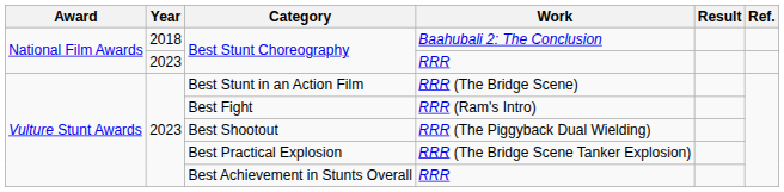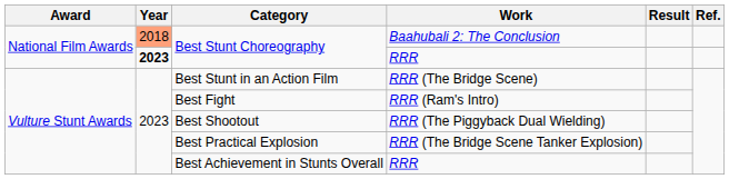 <table class="wikitable">
 <tr>
 <th>Award</th>
 <th>Year</th>
 <th>Category</th>
 <th>Work</th>
 <th>Result</th>
 <th>Ref.</th>
 </tr>
 <tr>
 <td rowspan="2"><a href='#'>National Film Awards</a></td>
-<td>2018</td>
+<td style="background: lightsalmon;">2018</td>
 <td rowspan="2"><a href='#'>Best Stunt Choreography</a></td>
 <td><em><a href='#'>Baahubali 2: The Conclusion</a></em></td>
 <td></td>
 <td></td>
 </tr>
 <tr>
-<td>2023</td>
+<td><strong>2023</strong></td>
 <td><em><a href='#'>RRR</a></em></td>
 <td></td>
 <td></td>
 </tr>
 <tr>
 <td rowspan="5"><a href='#'><em>Vulture</em> Stunt Awards</a></td>
 <td rowspan="5">2023</td>
 <td>Best Stunt in an Action Film</td>
 <td><em><a href='#'>RRR</a></em> (The Bridge Scene)</td>
 <td></td>
 <td rowspan="5"></td>
 </tr>
 <tr>
 <td>Best Fight</td>
 <td><em><a href='#'>RRR</a></em> (Ram's Intro)</td>
 <td></td>
 </tr>
 <tr>
 <td>Best Shootout</td>
 <td><em><a href='#'>RRR</a></em> (The Piggyback Dual Wielding)</td>
 <td></td>
 </tr>
 <tr>
 <td>Best Practical Explosion</td>
 <td><em><a href='#'>RRR</a></em> (The Bridge Scene Tanker Explosion)</td>
 <td></td>
 </tr>
 <tr>
 <td>Best Achievement in Stunts Overall</td>
 <td><em><a href='#'>RRR</a></em></td>
 <td></td>
 </tr>
 </table>
